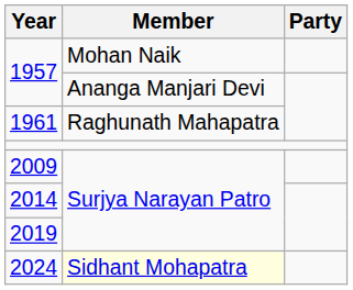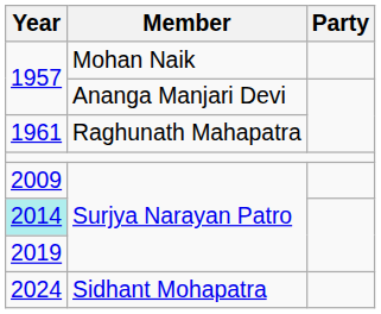 <table class="wikitable">
 <tr>
 <th>Year</th>
 <th>Member</th>
 <th colspan="2">Party</th>
 </tr>
 <tr>
 <td rowspan="2"><a href='#'>1957</a></td>
 <td>Mohan Naik</td>
 <td></td>
 </tr>
 <tr>
 <td>Ananga Manjari Devi</td>
 </tr>
 <tr>
 <td><a href='#'>1961</a></td>
 <td>Raghunath Mahapatra</td>
 </tr>
 <tr>
 <td colspan="4"></td>
 </tr>
 <tr>
 <td><a href='#'>2009</a></td>
 <td rowspan="3"><a href='#'>Surjya Narayan Patro</a></td>
 <td></td>
 </tr>
 <tr>
-<td><a href='#'>2014</a></td>
+<td style="background: paleturquoise;"><a href='#'>2014</a></td>
 </tr>
 <tr>
 <td><a href='#'>2019</a></td>
 </tr>
 <tr>
 <td><a href='#'>2024</a></td>
-<td style="background: lightyellow;"><a href='#'>Sidhant Mohapatra</a></td>
+<td><a href='#'>Sidhant Mohapatra</a></td>
 <td></td>
 </tr>
 </table>
